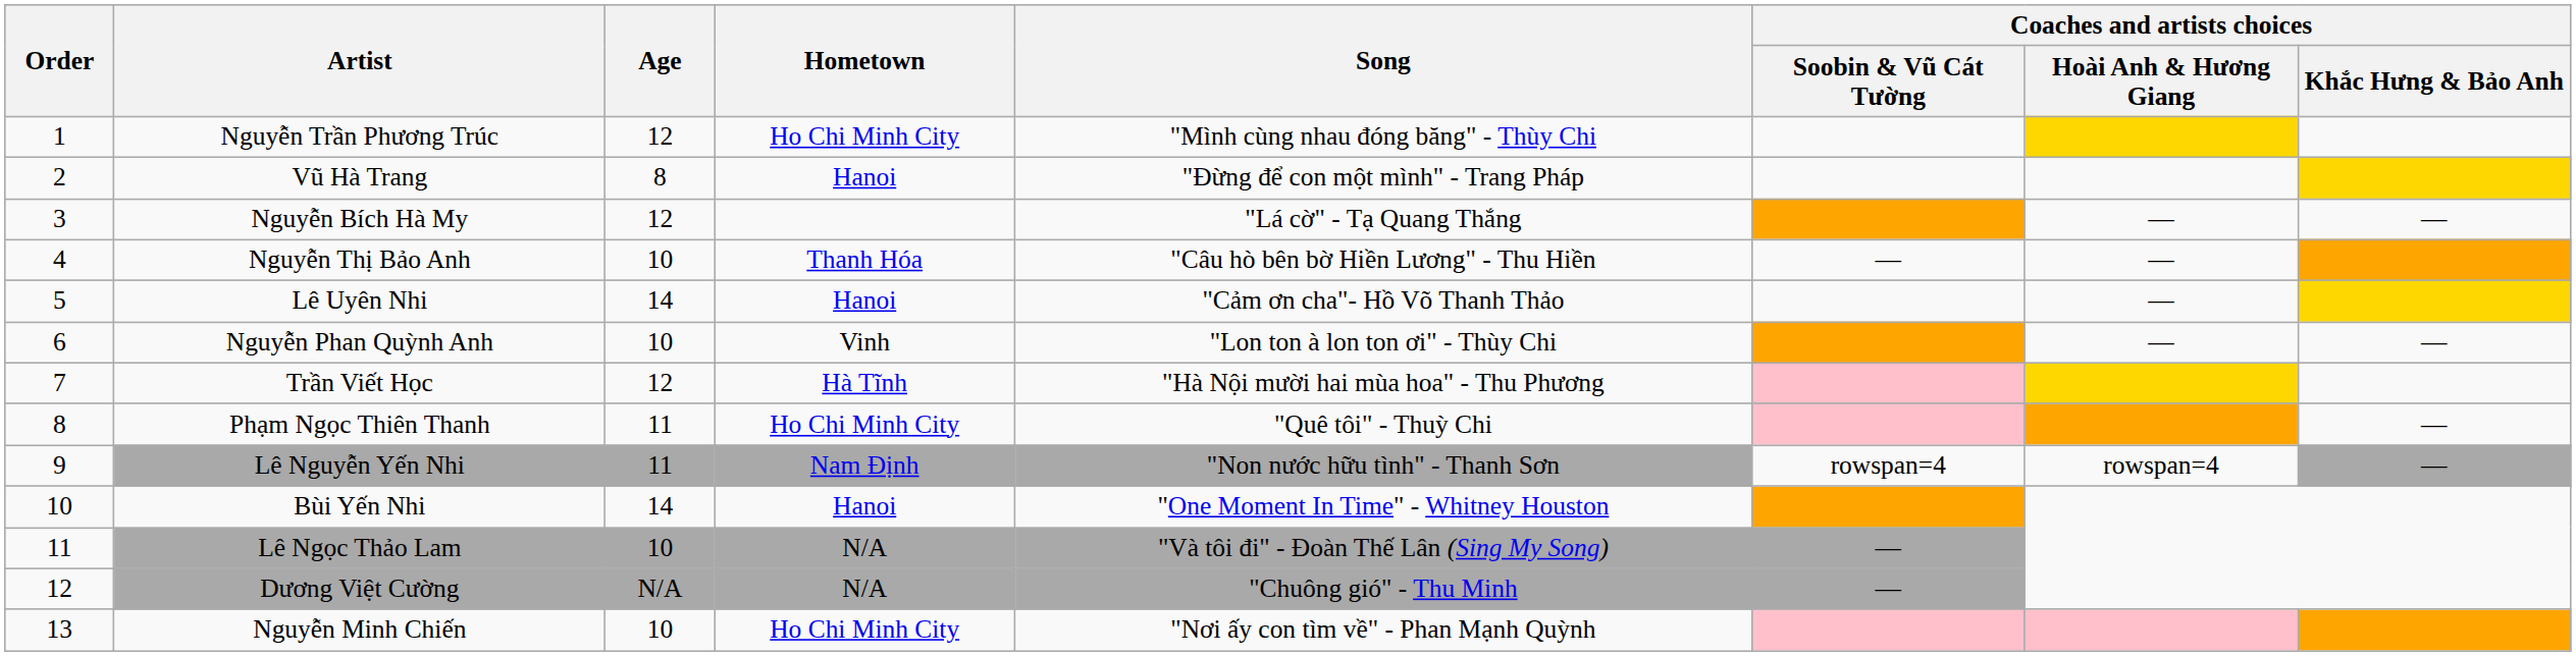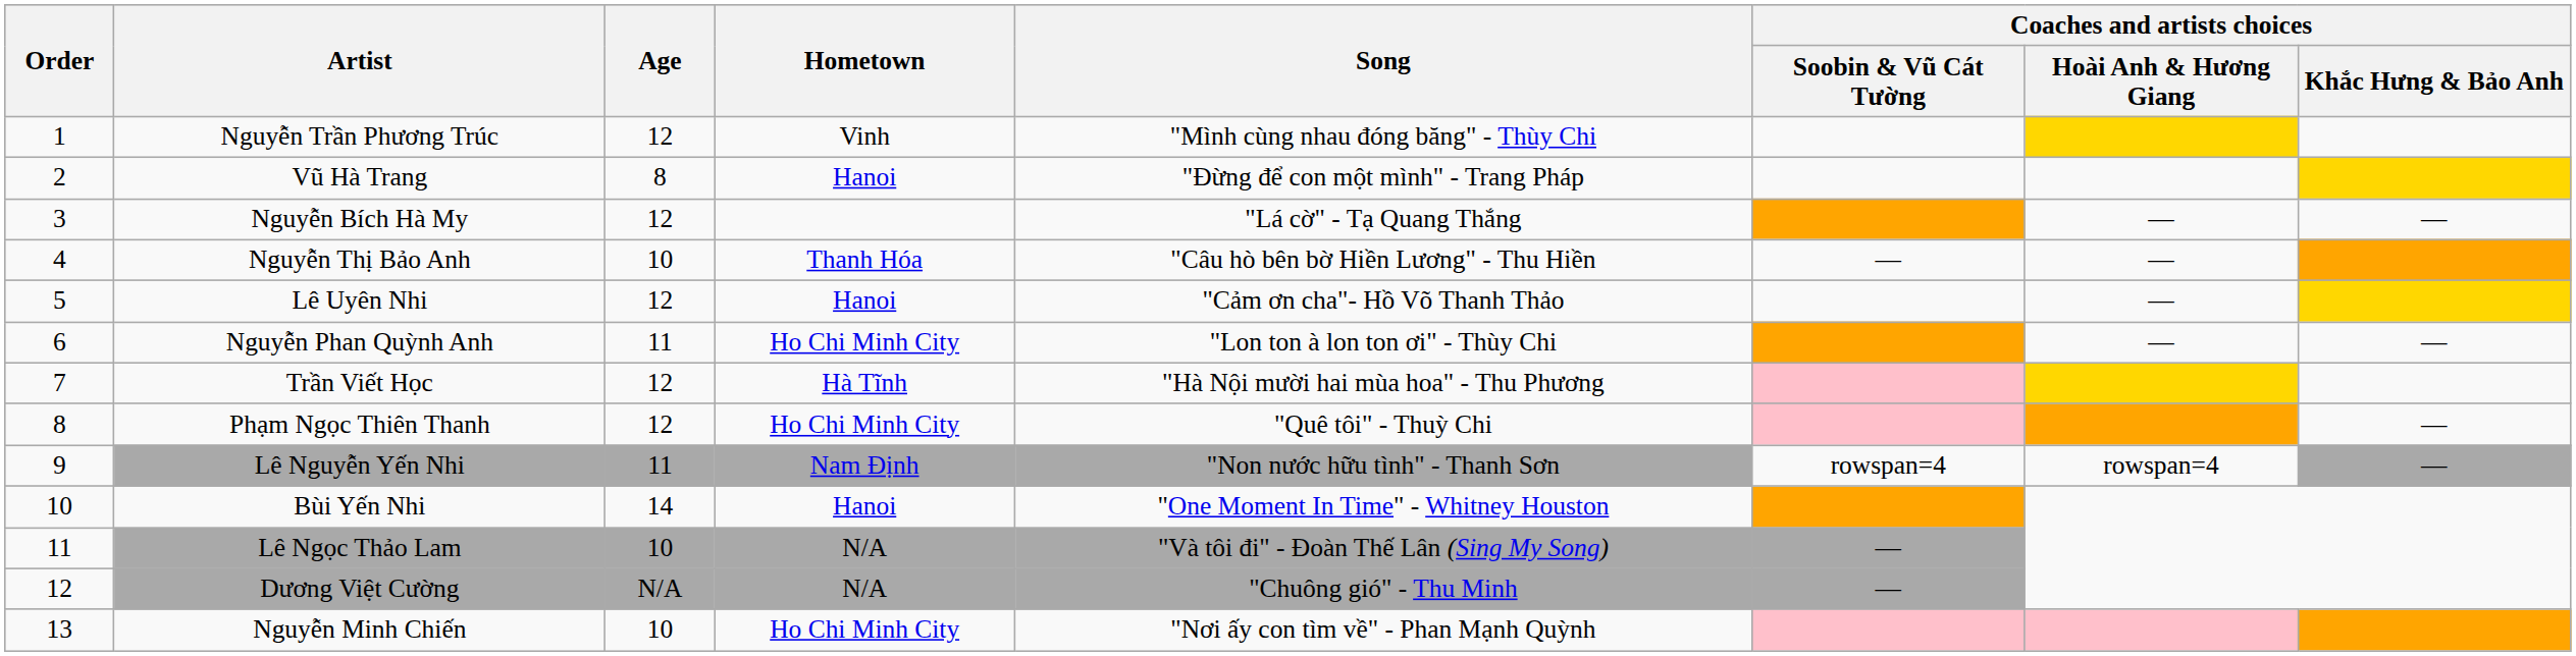 <table class="wikitable" style="text-align:center; width:100%;">
 <tr>
 <th scope="col" rowspan="2" style="width:04%;">Order</th>
 <th scope="col" rowspan="2" style="width:18%;">Artist</th>
 <th scope="col" rowspan="2" style="width:04%;">Age</th>
 <th scope="col" rowspan="2" style="width:11%;">Hometown</th>
 <th scope="col" rowspan="2" style="width:27%;">Song</th>
 <th scope="col" colspan="4" style="width:30%;">Coaches and artists choices</th>
 </tr>
 <tr>
 <th style="width:10%;">Soobin  & Vũ Cát Tường</th>
 <th style="width:10%;">Hoài Anh & Hương Giang</th>
 <th style="width:10%;">Khắc Hưng & Bảo Anh</th>
 </tr>
 <tr>
 <td scope="row">1</td>
 <td>Nguyễn Trần Phương Trúc</td>
 <td>12</td>
-<td><a href='#'>Ho Chi Minh City</a></td>
+<td>Vinh</td>
 <td>"Mình cùng nhau đóng băng" - <a href='#'>Thùy Chi</a></td>
 <td style="text-align:center;"></td>
 <td style="background:gold;text-align:center;"></td>
 <td style="text-align:center;"></td>
 </tr>
 <tr>
 <td scope="row">2</td>
 <td>Vũ Hà Trang</td>
 <td>8</td>
 <td><a href='#'>Hanoi</a></td>
 <td>"Đừng để con một mình" - Trang Pháp</td>
 <td style="text-align:center;"></td>
 <td style="text-align:center;"></td>
 <td style="background:gold;text-align:center;"></td>
 </tr>
 <tr>
 <td scope="row">3</td>
 <td>Nguyễn Bích Hà My</td>
 <td>12</td>
 <td></td>
 <td>"Lá cờ" - Tạ Quang Thắng</td>
 <td style="background:orange;text-align:center;"></td>
 <td>—</td>
 <td>—</td>
 </tr>
 <tr>
 <td scope="row">4</td>
 <td>Nguyễn Thị Bảo Anh</td>
 <td>10</td>
 <td><a href='#'>Thanh Hóa</a></td>
 <td>"Câu hò bên bờ Hiền Lương" - Thu Hiền</td>
 <td>—</td>
 <td>—</td>
 <td style="background:orange;text-align:center;"></td>
 </tr>
 <tr>
 <td scope="row">5</td>
 <td>Lê Uyên Nhi</td>
-<td>14</td>
+<td>12</td>
 <td><a href='#'>Hanoi</a></td>
 <td>"Cảm ơn cha"- Hồ Võ Thanh Thảo</td>
 <td style="text-align:center;"></td>
 <td>—</td>
 <td style="background:gold;text-align:center;"></td>
 </tr>
 <tr>
 <td scope="row">6</td>
 <td>Nguyễn Phan Quỳnh Anh</td>
-<td>10</td>
-<td>Vinh</td>
+<td>11</td>
+<td><a href='#'>Ho Chi Minh City</a></td>
 <td>"Lon ton à lon ton ơi" - Thùy Chi</td>
 <td style="background:orange;text-align:center;"></td>
 <td>—</td>
 <td>—</td>
 </tr>
 <tr>
 <td scope="row">7</td>
 <td>Trần Viết Học</td>
 <td>12</td>
 <td><a href='#'>Hà Tĩnh</a></td>
 <td>"Hà Nội mười hai mùa hoa" - Thu Phương</td>
 <td style="background:pink;text-align:center;"></td>
 <td style="background:gold;text-align:center;"></td>
 <td><strong></strong></td>
 </tr>
 <tr>
 <td scope="row">8</td>
 <td>Phạm Ngọc Thiên Thanh</td>
-<td>11</td>
+<td>12</td>
 <td><a href='#'>Ho Chi Minh City</a></td>
 <td>"Quê tôi" - Thuỳ Chi</td>
 <td style="background:pink;text-align:center;"></td>
 <td style="background:orange;text-align:center;"></td>
 <td>—</td>
 </tr>
 <tr>
 <td scope="row">9</td>
 <td style="background:darkgrey;">Lê Nguyễn Yến Nhi</td>
 <td style="background:darkgrey;">11</td>
 <td style="background:darkgrey;"><a href='#'>Nam Định</a></td>
 <td style="background:darkgrey;">"Non nước hữu tình" - Thanh Sơn</td>
 <td>rowspan=4 </td>
 <td>rowspan=4 </td>
 <td style="background:darkgrey;text-align:center;">—</td>
 </tr>
 <tr>
 <td scope="row">10</td>
 <td>Bùi Yến Nhi</td>
 <td>14</td>
 <td><a href='#'>Hanoi</a></td>
 <td>"<a href='#'>One Moment In Time</a>" - <a href='#'>Whitney Houston</a></td>
 <td style="background:orange;text-align:center;"></td>
 </tr>
 <tr>
 <td scope="row">11</td>
 <td style="background:darkgrey;">Lê Ngọc Thảo Lam</td>
 <td style="background:darkgrey;">10</td>
 <td style="background:darkgrey;">N/A</td>
 <td style="background:darkgrey;">"Và tôi đi" - Đoàn Thế Lân <em>(<a href='#'>Sing My Song</a>)</em></td>
 <td style="background:darkgrey;text-align:center;">—</td>
 </tr>
 <tr>
 <td scope="row">12</td>
 <td style="background:darkgrey;">Dương Việt Cường</td>
 <td style="background:darkgrey;">N/A</td>
 <td style="background:darkgrey;">N/A</td>
 <td style="background:darkgrey;">"Chuông gió" - <a href='#'>Thu Minh</a></td>
 <td style="background:darkgrey;text-align:center;">—</td>
 </tr>
 <tr>
 <td scope="row">13</td>
 <td>Nguyễn Minh Chiến</td>
 <td>10</td>
 <td><a href='#'>Ho Chi Minh City</a></td>
 <td>"Nơi ấy con tìm về" - Phan Mạnh Quỳnh</td>
 <td style="background:pink;text-align:center;"></td>
 <td style="background:pink;text-align:center;"></td>
 <td style="background:orange;text-align:center;"></td>
 </tr>
 </table>
